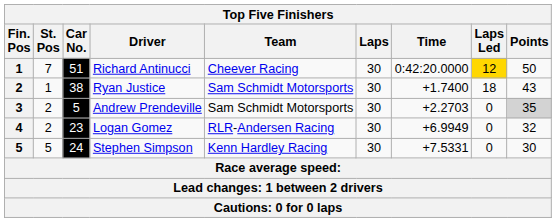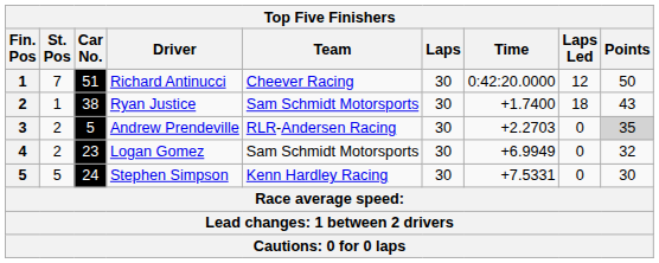 <table class="wikitable" style="font-size:85%;">
 <tr>
 <th colspan=9>Top Five Finishers</th>
 </tr>
 <tr>
 <th>Fin.<br>Pos</th>
 <th>St.<br>Pos</th>
 <th>Car<br>No.</th>
 <th>Driver</th>
 <th>Team</th>
 <th>Laps</th>
 <th>Time</th>
 <th>Laps<br>Led</th>
 <th>Points</th>
 </tr>
 <tr>
 <th>1</th>
 <td align=center>7</td>
 <td style="background:#000000; color:white;" align=center>51</td>
 <td> <a href='#'>Richard Antinucci</a></td>
 <td><a href='#'>Cheever Racing</a></td>
 <td align=center>30</td>
 <td align=right>0:42:20.0000</td>
-<td align=center style="background: gold;">12</td>
+<td align=center>12</td>
 <td align=center>50</td>
 </tr>
 <tr>
 <th>2</th>
 <td align=center>1</td>
 <td style="background:#000000; color:white;" align=center>38</td>
 <td> <a href='#'>Ryan Justice</a></td>
 <td><a href='#'>Sam Schmidt Motorsports</a></td>
 <td align=center>30</td>
 <td align=right>+1.7400</td>
 <td align=center>18</td>
 <td align=center>43</td>
 </tr>
 <tr>
 <th>3</th>
 <td align=center>2</td>
 <td style="background:#000000; color:white;" align=center>5</td>
 <td> <a href='#'>Andrew Prendeville</a></td>
-<td>Sam Schmidt Motorsports</td>
+<td><a href='#'>RLR</a>-<a href='#'>Andersen Racing</a></td>
 <td align=center>30</td>
 <td align=right>+2.2703</td>
 <td align=center>0</td>
 <td align=center style="background: lightgrey;">35</td>
 </tr>
 <tr>
 <th>4</th>
 <td align=center>2</td>
 <td style="background:#000000; color:white;" align=center>23</td>
 <td> <a href='#'>Logan Gomez</a></td>
-<td><a href='#'>RLR</a>-<a href='#'>Andersen Racing</a></td>
+<td>Sam Schmidt Motorsports</td>
 <td align=center>30</td>
 <td align=right>+6.9949</td>
 <td align=center>0</td>
 <td align=center>32</td>
 </tr>
 <tr>
 <th>5</th>
 <td align=center>5</td>
 <td style="background:#000000; color:white;" align=center>24</td>
 <td> <a href='#'>Stephen Simpson</a></td>
 <td><a href='#'>Kenn Hardley Racing</a></td>
 <td align=center>30</td>
 <td align=right>+7.5331</td>
 <td align=center>0</td>
 <td align=center>30</td>
 </tr>
 <tr>
 <th colspan=9>Race average speed: </th>
 </tr>
 <tr>
 <th colspan=9>Lead changes: 1 between 2 drivers</th>
 </tr>
 <tr>
 <th colspan=9>Cautions: 0 for 0 laps</th>
 </tr>
 </table>
